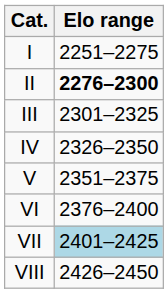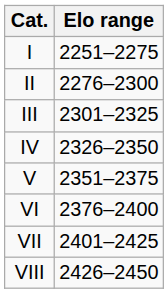 <table class="wikitable" style="display:inline-table;">
 <tr>
 <th>Cat.</th>
 <th>Elo range</th>
 </tr>
 <tr>
 <td style="text-align:center;">I</td>
 <td>2251–2275</td>
 </tr>
 <tr>
 <td style="text-align:center;">II</td>
-<td><strong>2276–2300</strong></td>
+<td>2276–2300</td>
 </tr>
 <tr>
 <td style="text-align:center;">III</td>
 <td>2301–2325</td>
 </tr>
 <tr>
 <td style="text-align:center;">IV</td>
 <td>2326–2350</td>
 </tr>
 <tr>
 <td style="text-align:center;">V</td>
 <td>2351–2375</td>
 </tr>
 <tr>
 <td style="text-align:center;">VI</td>
 <td>2376–2400</td>
 </tr>
 <tr>
 <td style="text-align:center;">VII</td>
-<td style="background: lightblue;">2401–2425</td>
+<td>2401–2425</td>
 </tr>
 <tr>
 <td style="text-align:center;"> VIII </td>
 <td>2426–2450</td>
 </tr>
 </table>
